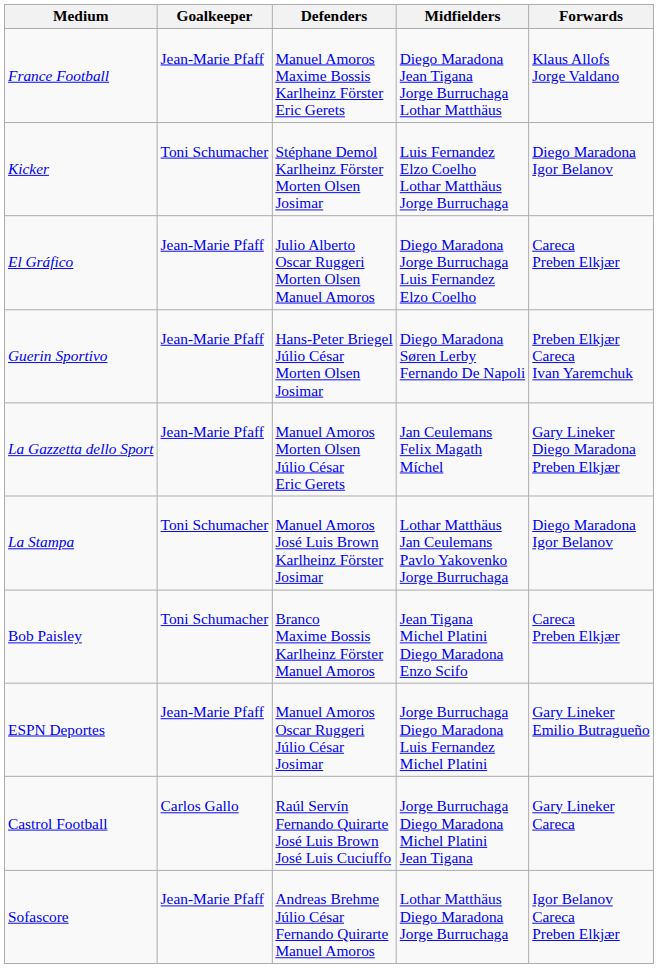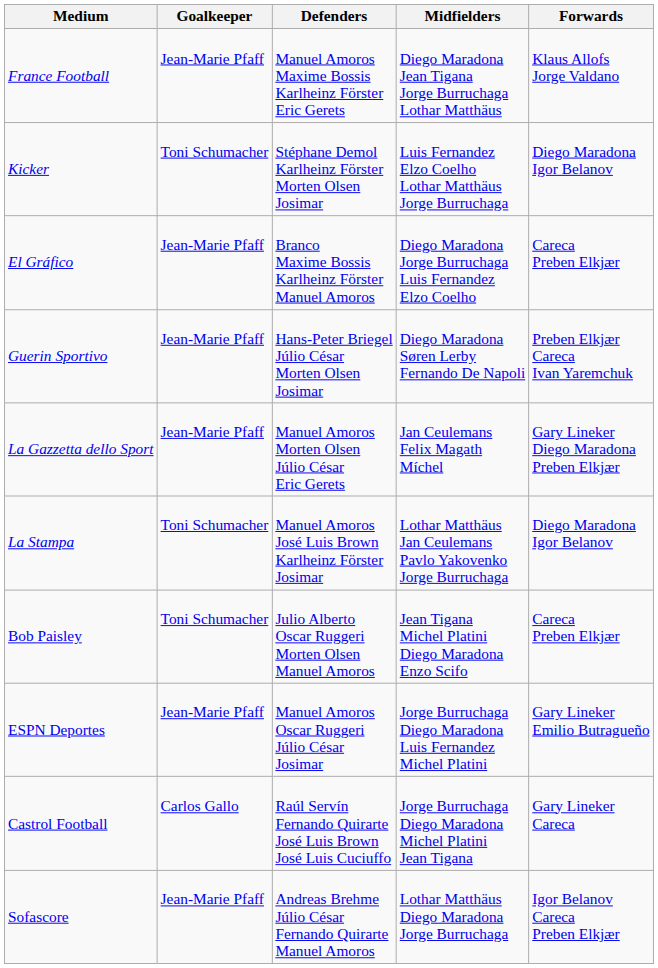 <table class="wikitable">
 <tr>
 <th>Medium</th>
 <th>Goalkeeper</th>
 <th>Defenders</th>
 <th>Midfielders</th>
 <th>Forwards</th>
 </tr>
 <tr>
 <td><em><a href='#'>France Football</a></em></td>
 <td valign="top"><br> <a href='#'>Jean-Marie Pfaff</a></td>
 <td valign="top"><br> <a href='#'>Manuel Amoros</a><br>  <a href='#'>Maxime Bossis</a><br>  <a href='#'>Karlheinz Förster</a><br>  <a href='#'>Eric Gerets</a></td>
 <td valign="top"><br> <a href='#'>Diego Maradona</a><br>  <a href='#'>Jean Tigana</a><br>  <a href='#'>Jorge Burruchaga</a><br>  <a href='#'>Lothar Matthäus</a></td>
 <td valign="top"><br> <a href='#'>Klaus Allofs</a><br>  <a href='#'>Jorge Valdano</a></td>
 </tr>
 <tr>
 <td><a href='#'><em>Kicker</em></a></td>
 <td valign="top"><br> <a href='#'>Toni Schumacher</a></td>
 <td valign="top"><br> <a href='#'>Stéphane Demol</a><br>  <a href='#'>Karlheinz Förster</a><br>  <a href='#'>Morten Olsen</a><br>  <a href='#'>Josimar</a></td>
 <td valign="top"><br> <a href='#'>Luis Fernandez</a><br>  <a href='#'>Elzo Coelho</a><br>  <a href='#'>Lothar Matthäus</a><br>  <a href='#'>Jorge Burruchaga</a></td>
 <td valign="top"><br> <a href='#'>Diego Maradona</a><br>  <a href='#'>Igor Belanov</a></td>
 </tr>
 <tr>
 <td><em><a href='#'>El Gráfico</a></em></td>
 <td valign="top"><br> <a href='#'>Jean-Marie Pfaff</a></td>
-<td valign="top"><br> <a href='#'>Julio Alberto</a><br>  <a href='#'>Oscar Ruggeri</a><br>  <a href='#'>Morten Olsen</a><br>  <a href='#'>Manuel Amoros</a></td>
+<td valign="top"><br> <a href='#'>Branco</a><br>  <a href='#'>Maxime Bossis</a><br>  <a href='#'>Karlheinz Förster</a><br>  <a href='#'>Manuel Amoros</a></td>
 <td valign="top"><br> <a href='#'>Diego Maradona</a><br>  <a href='#'>Jorge Burruchaga</a><br>  <a href='#'>Luis Fernandez</a><br>  <a href='#'>Elzo Coelho</a></td>
 <td valign="top"><br> <a href='#'>Careca</a><br>  <a href='#'>Preben Elkjær</a></td>
 </tr>
 <tr>
 <td><em><a href='#'>Guerin Sportivo</a></em></td>
 <td valign="top"><br> <a href='#'>Jean-Marie Pfaff</a></td>
 <td valign="top"><br> <a href='#'>Hans-Peter Briegel</a><br>  <a href='#'>Júlio César</a><br>  <a href='#'>Morten Olsen</a><br>  <a href='#'>Josimar</a></td>
 <td valign="top"><br> <a href='#'>Diego Maradona</a><br>  <a href='#'>Søren Lerby</a><br>  <a href='#'>Fernando De Napoli</a></td>
 <td valign="top"><br> <a href='#'>Preben Elkjær</a><br>  <a href='#'>Careca</a><br>  <a href='#'>Ivan Yaremchuk</a></td>
 </tr>
 <tr>
 <td><em><a href='#'>La Gazzetta dello Sport</a></em></td>
 <td valign="top"><br> <a href='#'>Jean-Marie Pfaff</a></td>
 <td valign="top"><br> <a href='#'>Manuel Amoros</a><br>  <a href='#'>Morten Olsen</a><br>  <a href='#'>Júlio César</a><br>  <a href='#'>Eric Gerets</a></td>
 <td valign="top"><br> <a href='#'>Jan Ceulemans</a><br>  <a href='#'>Felix Magath</a><br>  <a href='#'>Míchel</a></td>
 <td valign="top"><br> <a href='#'>Gary Lineker</a><br>  <a href='#'>Diego Maradona</a><br>  <a href='#'>Preben Elkjær</a></td>
 </tr>
 <tr>
 <td><em><a href='#'>La Stampa</a></em></td>
 <td valign="top"><br> <a href='#'>Toni Schumacher</a></td>
 <td valign="top"><br> <a href='#'>Manuel Amoros</a><br>  <a href='#'>José Luis Brown</a><br>  <a href='#'>Karlheinz Förster</a><br>  <a href='#'>Josimar</a></td>
 <td valign="top"><br> <a href='#'>Lothar Matthäus</a><br>  <a href='#'>Jan Ceulemans</a><br>  <a href='#'>Pavlo Yakovenko</a><br>  <a href='#'>Jorge Burruchaga</a></td>
 <td valign="top"><br> <a href='#'>Diego Maradona</a><br>  <a href='#'>Igor Belanov</a></td>
 </tr>
 <tr>
 <td><a href='#'>Bob Paisley</a></td>
 <td valign="top"><br> <a href='#'>Toni Schumacher</a></td>
-<td valign="top"><br> <a href='#'>Branco</a><br>  <a href='#'>Maxime Bossis</a><br>  <a href='#'>Karlheinz Förster</a><br>  <a href='#'>Manuel Amoros</a></td>
+<td valign="top"><br> <a href='#'>Julio Alberto</a><br>  <a href='#'>Oscar Ruggeri</a><br>  <a href='#'>Morten Olsen</a><br>  <a href='#'>Manuel Amoros</a></td>
 <td valign="top"><br> <a href='#'>Jean Tigana</a><br>  <a href='#'>Michel Platini</a><br>  <a href='#'>Diego Maradona</a><br>  <a href='#'>Enzo Scifo</a></td>
 <td valign="top"><br> <a href='#'>Careca</a><br>  <a href='#'>Preben Elkjær</a></td>
 </tr>
 <tr>
 <td><a href='#'>ESPN Deportes</a></td>
 <td valign="top"><br> <a href='#'>Jean-Marie Pfaff</a></td>
 <td valign="top"><br> <a href='#'>Manuel Amoros</a><br>  <a href='#'>Oscar Ruggeri</a><br>  <a href='#'>Júlio César</a><br>  <a href='#'>Josimar</a></td>
 <td valign="top"><br> <a href='#'>Jorge Burruchaga</a><br>  <a href='#'>Diego Maradona</a><br>  <a href='#'>Luis Fernandez</a><br>  <a href='#'>Michel Platini</a></td>
 <td valign="top"><br> <a href='#'>Gary Lineker</a><br>  <a href='#'>Emilio Butragueño</a></td>
 </tr>
 <tr>
 <td><a href='#'>Castrol Football</a></td>
 <td valign="top"><br> <a href='#'>Carlos Gallo</a></td>
 <td valign="top"><br> <a href='#'>Raúl Servín</a><br>  <a href='#'>Fernando Quirarte</a><br>  <a href='#'>José Luis Brown</a><br>  <a href='#'>José Luis Cuciuffo</a></td>
 <td valign="top"><br> <a href='#'>Jorge Burruchaga</a><br>  <a href='#'>Diego Maradona</a><br>  <a href='#'>Michel Platini</a><br>  <a href='#'>Jean Tigana</a></td>
 <td valign="top"><br> <a href='#'>Gary Lineker</a><br>  <a href='#'>Careca</a></td>
 </tr>
 <tr>
 <td><a href='#'>Sofascore</a></td>
 <td valign="top"><br> <a href='#'>Jean-Marie Pfaff</a></td>
 <td valign="top"><br> <a href='#'>Andreas Brehme</a><br>  <a href='#'>Júlio César</a><br>  <a href='#'>Fernando Quirarte</a><br>  <a href='#'>Manuel Amoros</a></td>
 <td valign="top"><br> <a href='#'>Lothar Matthäus</a><br>  <a href='#'>Diego Maradona</a><br>  <a href='#'>Jorge Burruchaga</a></td>
 <td valign="top"><br> <a href='#'>Igor Belanov</a><br>  <a href='#'>Careca</a><br>  <a href='#'>Preben Elkjær</a></td>
 </tr>
 </table>
